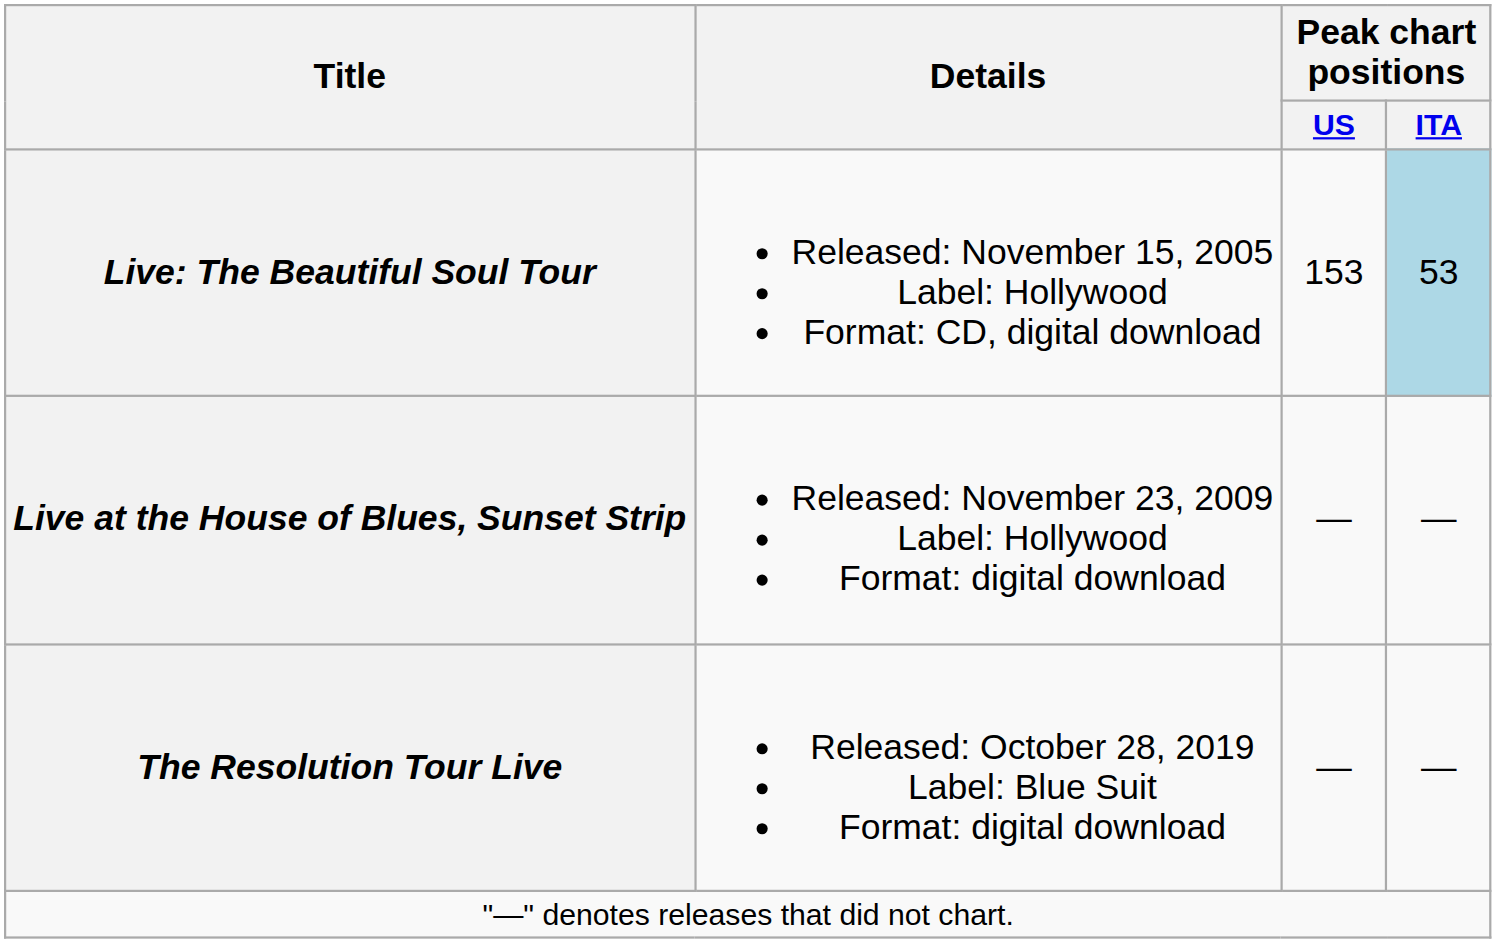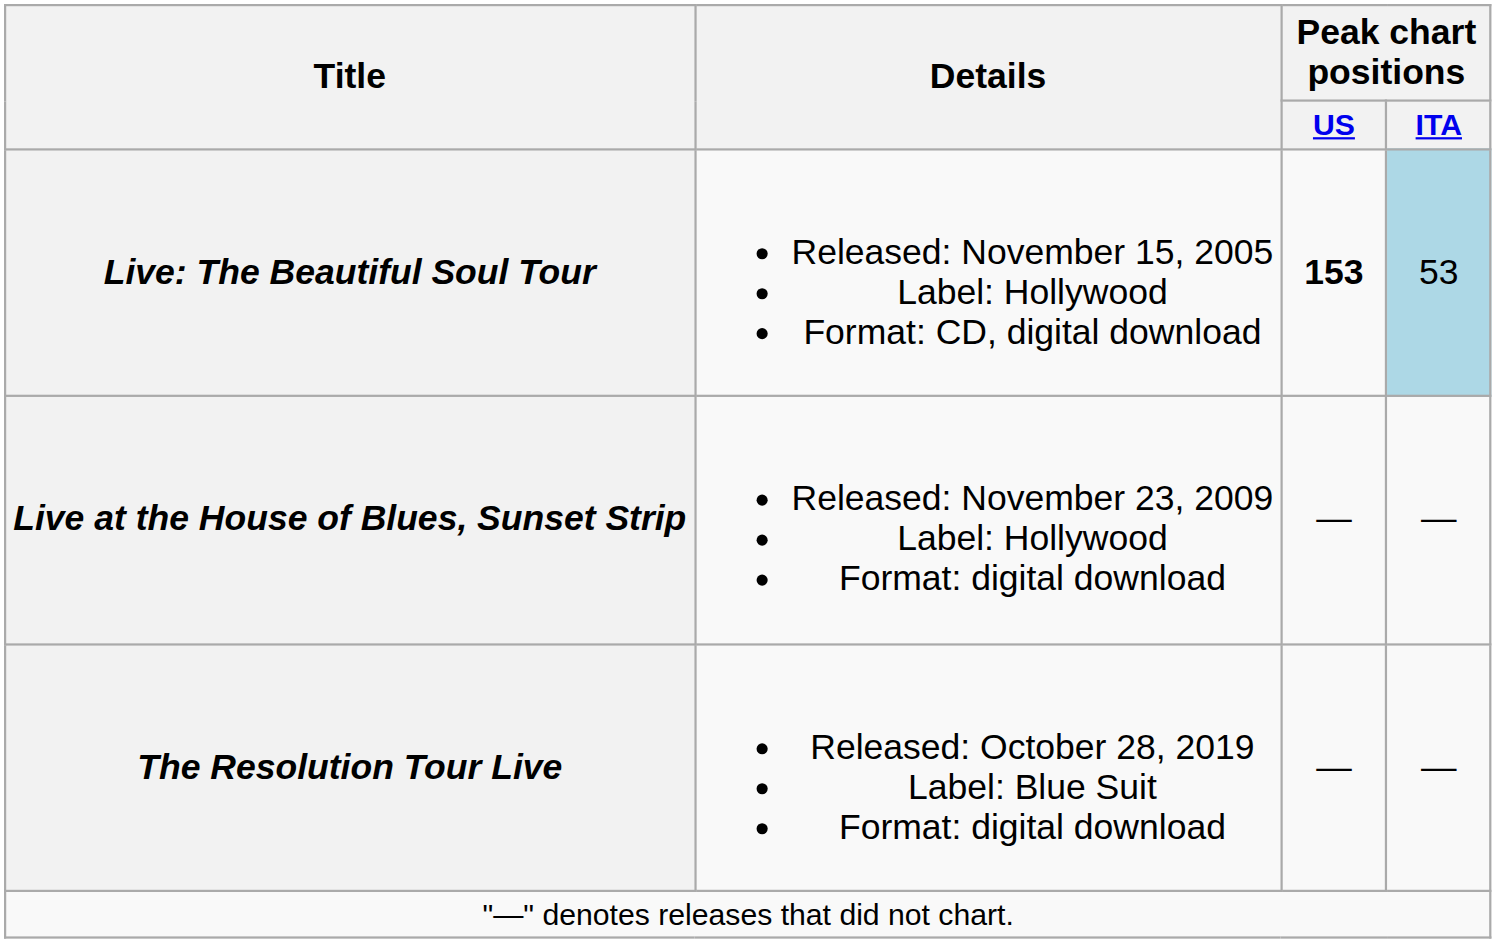 <table class="wikitable plainrowheaders" style="text-align:center">
 <tr>
 <th scope="col" rowspan="2">Title</th>
 <th scope="col" rowspan="2">Details</th>
 <th colspan="2">Peak chart positions</th>
 </tr>
 <tr>
 <th style="width:3em;font-size:85%"><a href='#'>US</a><br></th>
 <th style="width:3em;font-size:85%"><a href='#'>ITA</a><br></th>
 </tr>
 <tr>
 <th scope="row"><em>Live: The Beautiful Soul Tour</em></th>
 <td><br><ul><li>Released: November 15, 2005</li><li>Label: Hollywood</li><li>Format: CD, digital download</li></ul></td>
-<td>153</td>
+<td><strong>153</strong></td>
 <td style="background: lightblue;">53</td>
 </tr>
 <tr>
 <th scope="row"><em>Live at the House of Blues, Sunset Strip</em></th>
 <td><br><ul><li>Released: November 23, 2009</li><li>Label: Hollywood</li><li>Format: digital download</li></ul></td>
 <td>—</td>
 <td>—</td>
 </tr>
 <tr>
 <th scope="row"><em>The Resolution Tour Live</em></th>
 <td><br><ul><li>Released: October 28, 2019</li><li>Label: Blue Suit</li><li>Format: digital download</li></ul></td>
 <td>—</td>
 <td>—</td>
 </tr>
 <tr>
 <td colspan="7" style="font-size: 85%">"—" denotes releases that did not chart.</td>
 </tr>
 </table>
